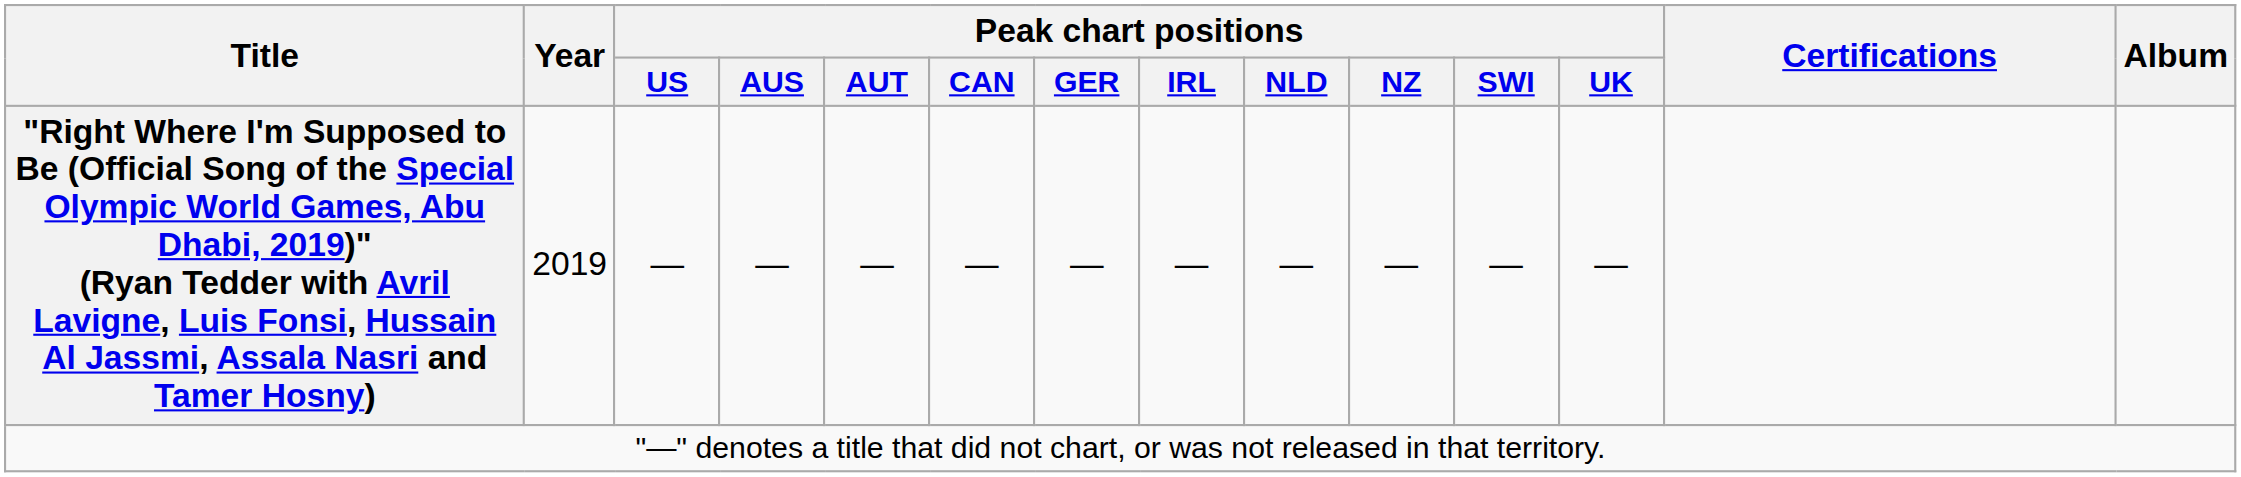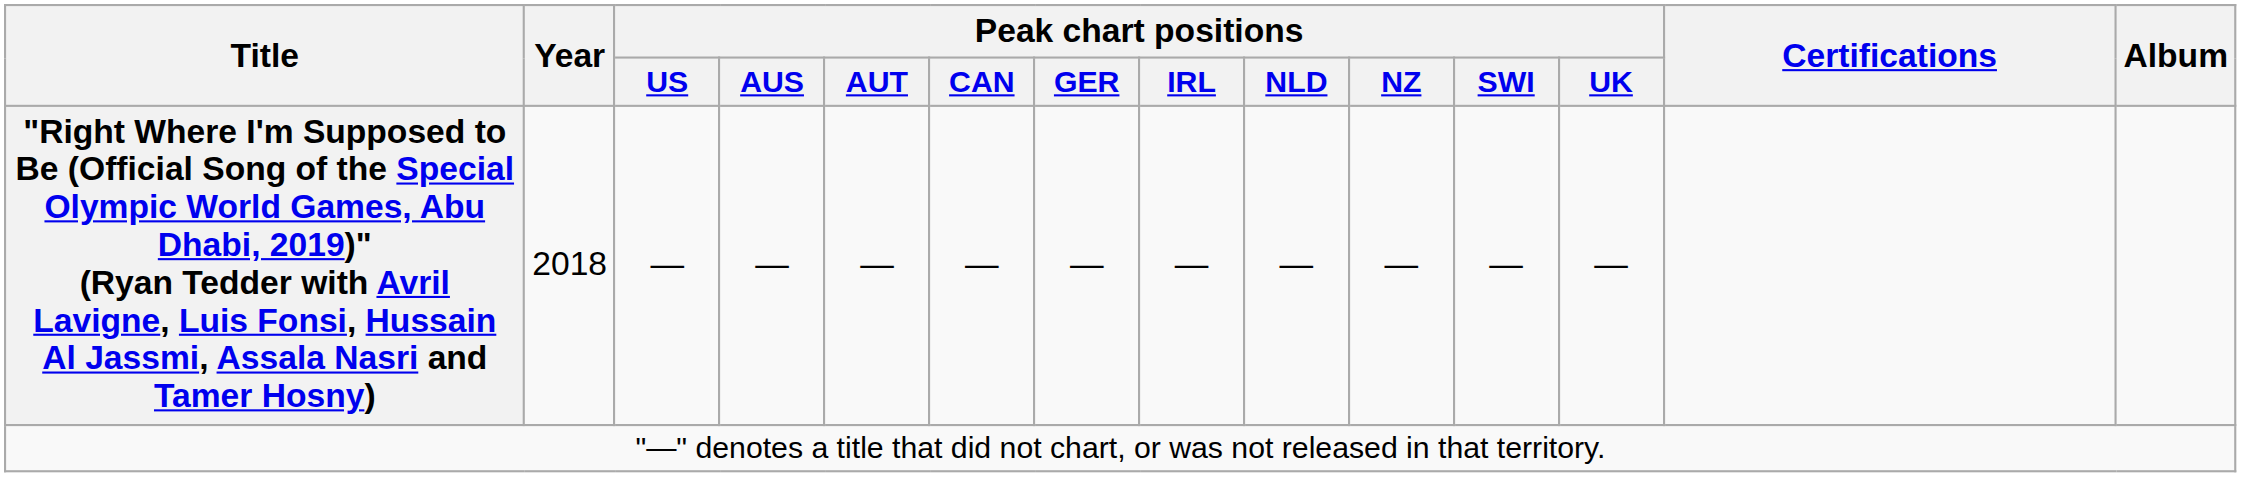 <table class="wikitable plainrowheaders" style="text-align:center;" border="1">
 <tr>
 <th scope="col" rowspan="2" style="width:15em;">Title</th>
 <th scope="col" rowspan="2">Year</th>
 <th scope="col" colspan="10">Peak chart positions</th>
 <th scope="col" rowspan="2" style="width:13em;"><a href='#'>Certifications</a></th>
 <th scope="col" rowspan="2">Album</th>
 </tr>
 <tr>
 <th scope="col" style="width:3em;font-size:90%;"><a href='#'>US</a><br></th>
 <th scope="col" style="width:3em;font-size:90%;"><a href='#'>AUS</a></th>
 <th scope="col" style="width:3em;font-size:90%;"><a href='#'>AUT</a></th>
 <th scope="col" style="width:3em;font-size:90%;"><a href='#'>CAN</a><br></th>
 <th scope="col" style="width:3em;font-size:90%;"><a href='#'>GER</a></th>
 <th scope="col" style="width:3em;font-size:90%;"><a href='#'>IRL</a></th>
 <th scope="col" style="width:3em;font-size:90%;"><a href='#'>NLD</a></th>
 <th scope="col" style="width:3em;font-size:90%;"><a href='#'>NZ</a></th>
 <th scope="col" style="width:3em;font-size:90%;"><a href='#'>SWI</a></th>
 <th scope="col" style="width:3em;font-size:90%;"><a href='#'>UK</a></th>
 </tr>
 <tr>
 <th scope="row">"Right Where I'm Supposed to Be (Official Song of the <a href='#'>Special Olympic World Games, Abu Dhabi, 2019</a>)"<br><span>(Ryan Tedder with <a href='#'>Avril Lavigne</a>, <a href='#'>Luis Fonsi</a>, <a href='#'>Hussain Al Jassmi</a>, <a href='#'>Assala Nasri</a> and <a href='#'>Tamer Hosny</a>)</span></th>
-<td>2019</td>
+<td>2018</td>
 <td>—</td>
 <td>—</td>
 <td>—</td>
 <td>—</td>
 <td>—</td>
 <td>—</td>
 <td>—</td>
 <td>—</td>
 <td>—</td>
 <td>—</td>
 <td></td>
 <td></td>
 </tr>
 <tr>
 <td colspan="14" style="font-size:90%">"—" denotes a title that did not chart, or was not released in that territory.</td>
 </tr>
 </table>
